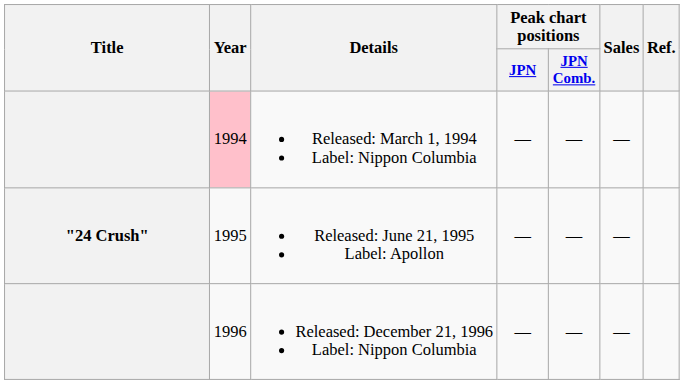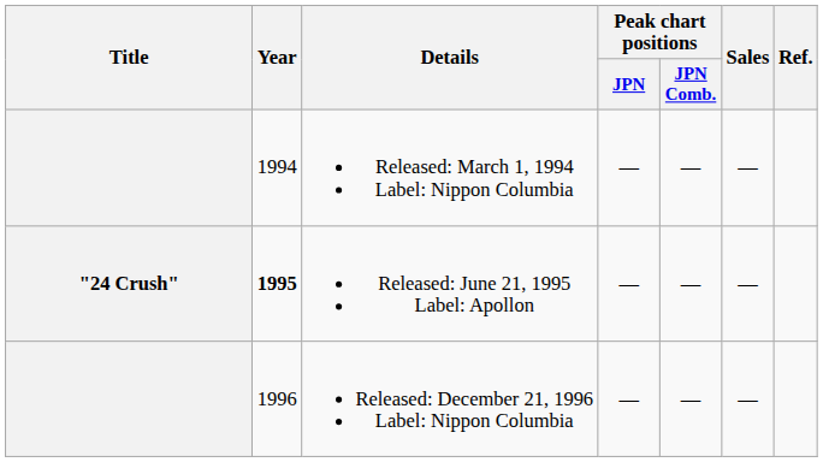 <table class="wikitable plainrowheaders" style="text-align:center;">
 <tr>
 <th scope="col" rowspan="2" style="width:12em;">Title</th>
 <th scope="col" rowspan="2">Year</th>
 <th scope="col" rowspan="2">Details</th>
 <th scope="col" colspan="2">Peak chart positions</th>
 <th scope="col" rowspan="2">Sales</th>
 <th scope="col" rowspan="2">Ref.</th>
 </tr>
 <tr>
 <th scope="col" style="width:3em;font-size:90%;"><a href='#'>JPN</a></th>
 <th scope="col" style="width:3em;font-size:90%;"><a href='#'>JPN<br>Comb.</a></th>
 </tr>
 <tr>
 <th scope="row"></th>
-<td style="background: pink;">1994</td>
+<td>1994</td>
 <td><br><ul><li>Released: March 1, 1994</li><li>Label: Nippon Columbia</li></ul></td>
 <td>—</td>
 <td>—</td>
 <td>—</td>
 <td></td>
 </tr>
 <tr>
 <th scope="row">"24 Crush"<br></th>
-<td>1995</td>
+<td><strong>1995</strong></td>
 <td><br><ul><li>Released: June 21, 1995</li><li>Label: Apollon</li></ul></td>
 <td>—</td>
 <td>—</td>
 <td>—</td>
 <td></td>
 </tr>
 <tr>
 <th scope="row"></th>
 <td>1996</td>
 <td><br><ul><li>Released: December 21, 1996</li><li>Label: Nippon Columbia</li></ul></td>
 <td>—</td>
 <td>—</td>
 <td>—</td>
 <td></td>
 </tr>
 </table>
